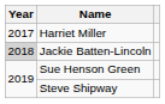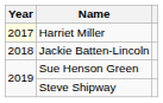 <table class="wikitable sortable">
 <tr>
 <th scope=col>Year</th>
 <th scope=col>Name</th>
 <th scope=col class=unsortable></th>
 </tr>
 <tr>
-<td align="center">2017</td>
+<td align="center" style="background: lightyellow;">2017</td>
 <td>Harriet Miller</td>
 <td align="center"></td>
 </tr>
 <tr>
-<td align="center" style="background: lightgrey;">2018</td>
+<td align="center">2018</td>
 <td>Jackie Batten-Lincoln</td>
 <td align="center"></td>
 </tr>
 <tr>
 <td rowspan="2"; align="center">2019</td>
 <td>Sue Henson Green</td>
 <td align="center"></td>
 </tr>
 <tr>
 <td>Steve Shipway</td>
 <td align="center"></td>
 </tr>
 </table>
